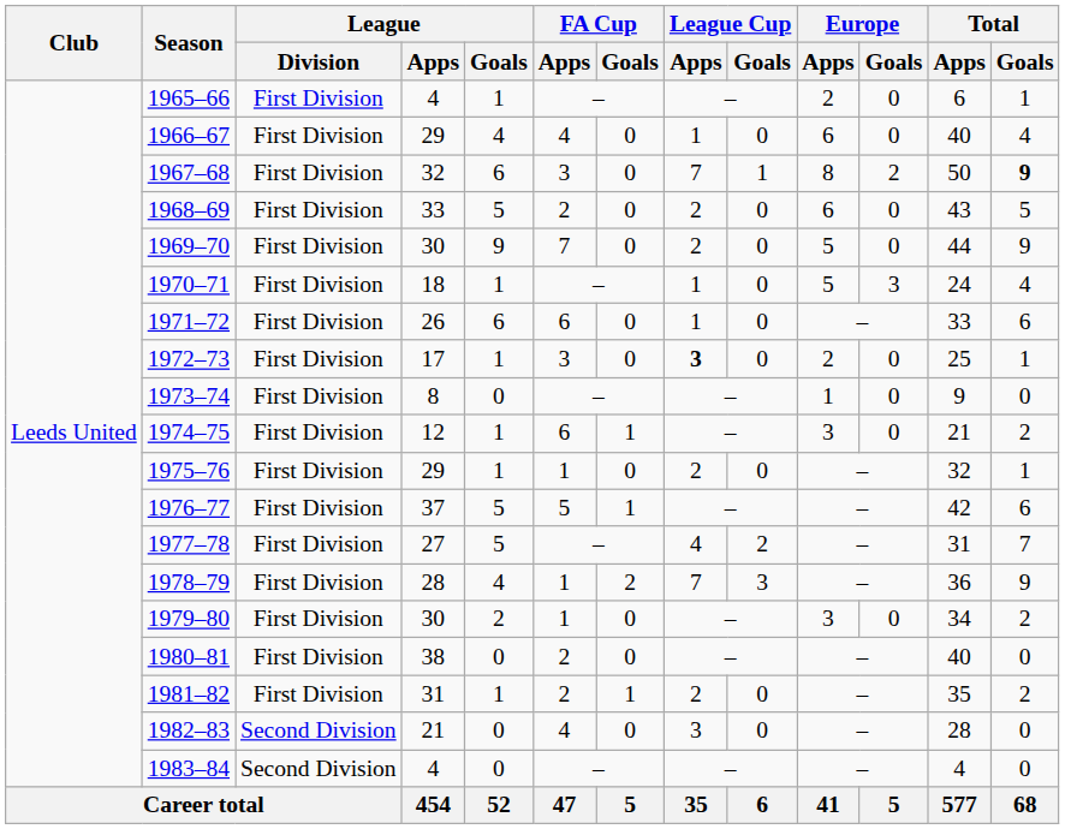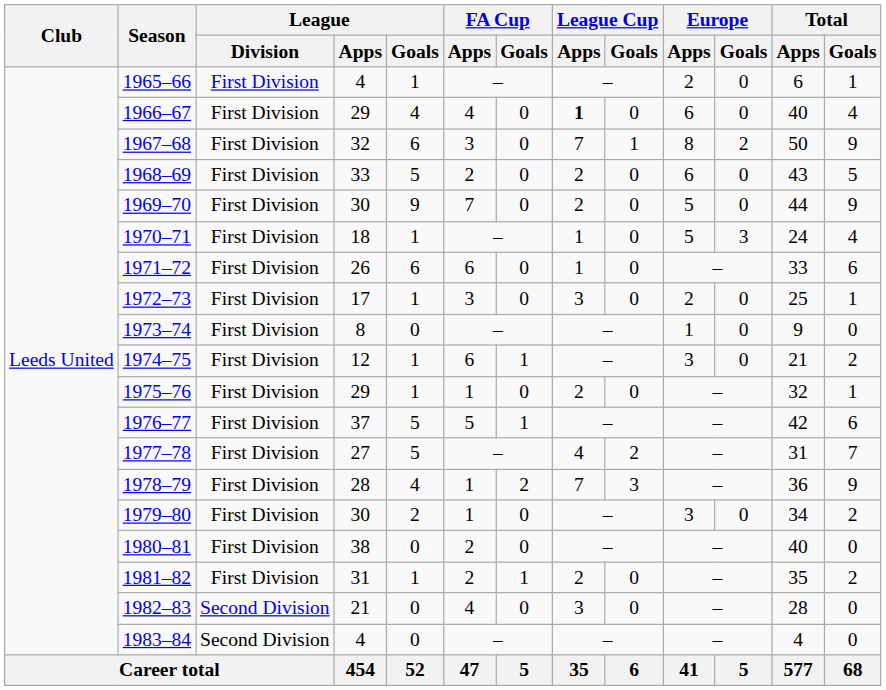 <table class="wikitable" style="text-align:center">
 <tr>
 <th rowspan="2">Club</th>
 <th rowspan="2">Season</th>
 <th colspan="3">League</th>
 <th colspan="2"><a href='#'>FA Cup</a></th>
 <th colspan="2"><a href='#'>League Cup</a></th>
 <th colspan="2"><a href='#'>Europe</a></th>
 <th colspan="2">Total</th>
 </tr>
 <tr>
 <th>Division</th>
 <th>Apps</th>
 <th>Goals</th>
 <th>Apps</th>
 <th>Goals</th>
 <th>Apps</th>
 <th>Goals</th>
 <th>Apps</th>
 <th>Goals</th>
 <th>Apps</th>
 <th>Goals</th>
 </tr>
 <tr>
 <td rowspan="19"><a href='#'>Leeds United</a></td>
 <td><a href='#'>1965–66</a></td>
 <td><a href='#'>First Division</a></td>
 <td>4</td>
 <td>1</td>
 <td colspan="2">–</td>
 <td colspan="2">–</td>
 <td>2</td>
 <td>0</td>
 <td>6</td>
 <td>1</td>
 </tr>
 <tr>
 <td><a href='#'>1966–67</a></td>
 <td>First Division</td>
 <td>29</td>
 <td>4</td>
 <td>4</td>
 <td>0</td>
-<td>1</td>
+<td><strong>1</strong></td>
 <td>0</td>
 <td>6</td>
 <td>0</td>
 <td>40</td>
 <td>4</td>
 </tr>
 <tr>
 <td><a href='#'>1967–68</a></td>
 <td>First Division</td>
 <td>32</td>
 <td>6</td>
 <td>3</td>
 <td>0</td>
 <td>7</td>
 <td>1</td>
 <td>8</td>
 <td>2</td>
 <td>50</td>
-<td><strong>9</strong></td>
+<td>9</td>
 </tr>
 <tr>
 <td><a href='#'>1968–69</a></td>
 <td>First Division</td>
 <td>33</td>
 <td>5</td>
 <td>2</td>
 <td>0</td>
 <td>2</td>
 <td>0</td>
 <td>6</td>
 <td>0</td>
 <td>43</td>
 <td>5</td>
 </tr>
 <tr>
 <td><a href='#'>1969–70</a></td>
 <td>First Division</td>
 <td>30</td>
 <td>9</td>
 <td>7</td>
 <td>0</td>
 <td>2</td>
 <td>0</td>
 <td>5</td>
 <td>0</td>
 <td>44</td>
 <td>9</td>
 </tr>
 <tr>
 <td><a href='#'>1970–71</a></td>
 <td>First Division</td>
 <td>18</td>
 <td>1</td>
 <td colspan="2">–</td>
 <td>1</td>
 <td>0</td>
 <td>5</td>
 <td>3</td>
 <td>24</td>
 <td>4</td>
 </tr>
 <tr>
 <td><a href='#'>1971–72</a></td>
 <td>First Division</td>
 <td>26</td>
 <td>6</td>
 <td>6</td>
 <td>0</td>
 <td>1</td>
 <td>0</td>
 <td colspan="2">–</td>
 <td>33</td>
 <td>6</td>
 </tr>
 <tr>
 <td><a href='#'>1972–73</a></td>
 <td>First Division</td>
 <td>17</td>
 <td>1</td>
 <td>3</td>
 <td>0</td>
-<td><strong>3</strong></td>
+<td>3</td>
 <td>0</td>
 <td>2</td>
 <td>0</td>
 <td>25</td>
 <td>1</td>
 </tr>
 <tr>
 <td><a href='#'>1973–74</a></td>
 <td>First Division</td>
 <td>8</td>
 <td>0</td>
 <td colspan="2">–</td>
 <td colspan="2">–</td>
 <td>1</td>
 <td>0</td>
 <td>9</td>
 <td>0</td>
 </tr>
 <tr>
 <td><a href='#'>1974–75</a></td>
 <td>First Division</td>
 <td>12</td>
 <td>1</td>
 <td>6</td>
 <td>1</td>
 <td colspan="2">–</td>
 <td>3</td>
 <td>0</td>
 <td>21</td>
 <td>2</td>
 </tr>
 <tr>
 <td><a href='#'>1975–76</a></td>
 <td>First Division</td>
 <td>29</td>
 <td>1</td>
 <td>1</td>
 <td>0</td>
 <td>2</td>
 <td>0</td>
 <td colspan="2">–</td>
 <td>32</td>
 <td>1</td>
 </tr>
 <tr>
 <td><a href='#'>1976–77</a></td>
 <td>First Division</td>
 <td>37</td>
 <td>5</td>
 <td>5</td>
 <td>1</td>
 <td colspan="2">–</td>
 <td colspan="2">–</td>
 <td>42</td>
 <td>6</td>
 </tr>
 <tr>
 <td><a href='#'>1977–78</a></td>
 <td>First Division</td>
 <td>27</td>
 <td>5</td>
 <td colspan="2">–</td>
 <td>4</td>
 <td>2</td>
 <td colspan="2">–</td>
 <td>31</td>
 <td>7</td>
 </tr>
 <tr>
 <td><a href='#'>1978–79</a></td>
 <td>First Division</td>
 <td>28</td>
 <td>4</td>
 <td>1</td>
 <td>2</td>
 <td>7</td>
 <td>3</td>
 <td colspan="2">–</td>
 <td>36</td>
 <td>9</td>
 </tr>
 <tr>
 <td><a href='#'>1979–80</a></td>
 <td>First Division</td>
 <td>30</td>
 <td>2</td>
 <td>1</td>
 <td>0</td>
 <td colspan="2">–</td>
 <td>3</td>
 <td>0</td>
 <td>34</td>
 <td>2</td>
 </tr>
 <tr>
 <td><a href='#'>1980–81</a></td>
 <td>First Division</td>
 <td>38</td>
 <td>0</td>
 <td>2</td>
 <td>0</td>
 <td colspan="2">–</td>
 <td colspan="2">–</td>
 <td>40</td>
 <td>0</td>
 </tr>
 <tr>
 <td><a href='#'>1981–82</a></td>
 <td>First Division</td>
 <td>31</td>
 <td>1</td>
 <td>2</td>
 <td>1</td>
 <td>2</td>
 <td>0</td>
 <td colspan="2">–</td>
 <td>35</td>
 <td>2</td>
 </tr>
 <tr>
 <td><a href='#'>1982–83</a></td>
 <td><a href='#'>Second Division</a></td>
 <td>21</td>
 <td>0</td>
 <td>4</td>
 <td>0</td>
 <td>3</td>
 <td>0</td>
 <td colspan="2">–</td>
 <td>28</td>
 <td>0</td>
 </tr>
 <tr>
 <td><a href='#'>1983–84</a></td>
 <td>Second Division</td>
 <td>4</td>
 <td>0</td>
 <td colspan="2">–</td>
 <td colspan="2">–</td>
 <td colspan="2">–</td>
 <td>4</td>
 <td>0</td>
 </tr>
 <tr>
 <th colspan="3">Career total</th>
 <th>454</th>
 <th>52</th>
 <th>47</th>
 <th>5</th>
 <th>35</th>
 <th>6</th>
 <th>41</th>
 <th>5</th>
 <th>577</th>
 <th>68</th>
 </tr>
 </table>
